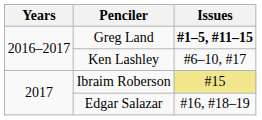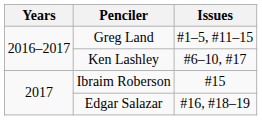 <table class="wikitable" style="vertical-align:text-top">
 <tr>
 <th>Years</th>
 <th>Penciler</th>
 <th>Issues</th>
 </tr>
 <tr>
 <td align="center" rowspan="2">2016–2017</td>
 <td align="center">Greg Land</td>
-<td align="center"><strong>#1–5, #11–15</strong></td>
+<td align="center">#1–5, #11–15</td>
 </tr>
 <tr>
 <td align="center">Ken Lashley</td>
 <td align="center">#6–10, #17</td>
 </tr>
 <tr>
 <td align="center" rowspan="2">2017</td>
 <td align="center">Ibraim Roberson</td>
-<td align="center" style="background: khaki;">#15</td>
+<td align="center">#15</td>
 </tr>
 <tr>
 <td align="center">Edgar Salazar</td>
 <td align="center">#16, #18–19</td>
 </tr>
 </table>
